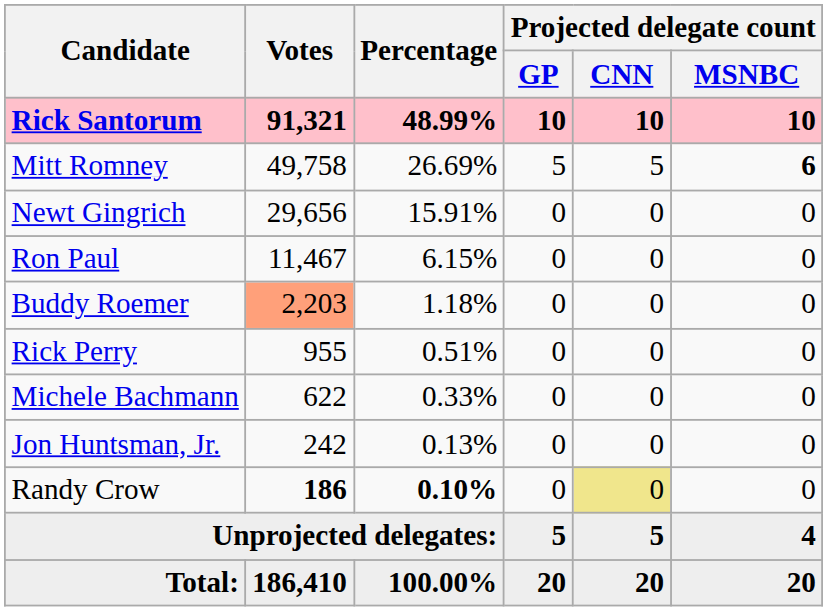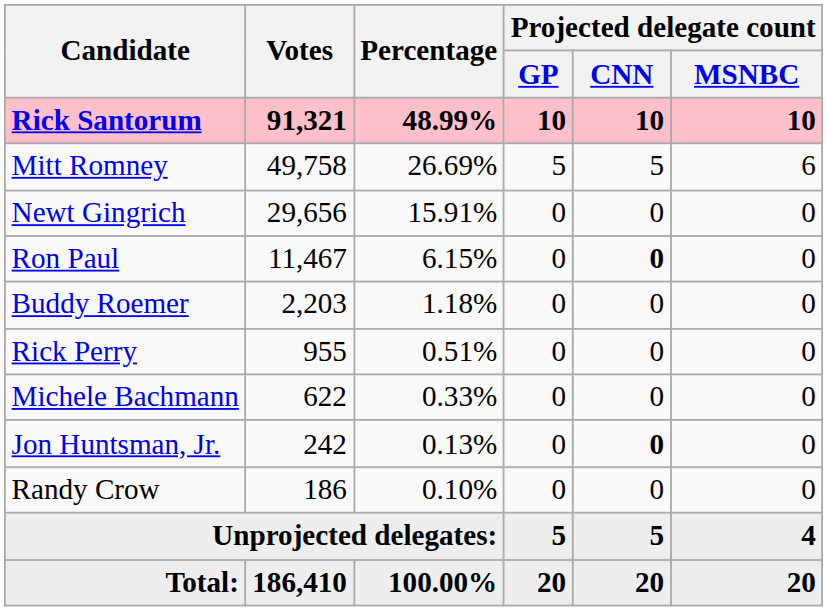 <table class="wikitable" style="text-align:right;">
 <tr>
 <th rowspan="2">Candidate</th>
 <th rowspan="2">Votes</th>
 <th rowspan="2">Percentage</th>
 <th colspan="4">Projected delegate count</th>
 </tr>
 <tr>
 <th><a href='#'>GP</a><br></th>
 <th><a href='#'>CNN</a><br></th>
 <th><a href='#'>MSNBC</a><br></th>
 </tr>
 <tr bgcolor="pink">
 <td align="left"> <strong><a href='#'>Rick Santorum</a></strong></td>
 <td><strong>91,321</strong></td>
 <td><strong>48.99%</strong></td>
 <td><strong>10</strong></td>
 <td><strong>10</strong></td>
 <td><strong>10</strong></td>
 </tr>
 <tr>
 <td align="left"><a href='#'>Mitt Romney</a></td>
 <td>49,758</td>
 <td>26.69%</td>
 <td>5</td>
 <td>5</td>
-<td><strong>6</strong></td>
+<td>6</td>
 </tr>
 <tr>
 <td align="left"><a href='#'>Newt Gingrich</a></td>
 <td>29,656</td>
 <td>15.91%</td>
 <td>0</td>
 <td>0</td>
 <td>0</td>
 </tr>
 <tr>
 <td align="left"><a href='#'>Ron Paul</a></td>
 <td>11,467</td>
 <td>6.15%</td>
 <td>0</td>
-<td>0</td>
+<td><strong>0</strong></td>
 <td>0</td>
 </tr>
 <tr>
 <td align="left"><a href='#'>Buddy Roemer</a></td>
-<td style="background: lightsalmon;">2,203</td>
+<td>2,203</td>
 <td>1.18%</td>
 <td>0</td>
 <td>0</td>
 <td>0</td>
 </tr>
 <tr>
 <td align="left"><a href='#'>Rick Perry</a></td>
 <td>955</td>
 <td>0.51%</td>
 <td>0</td>
 <td>0</td>
 <td>0</td>
 </tr>
 <tr>
 <td align="left"><a href='#'>Michele Bachmann</a></td>
 <td>622</td>
 <td>0.33%</td>
 <td>0</td>
 <td>0</td>
 <td>0</td>
 </tr>
 <tr>
 <td align="left"><a href='#'>Jon Huntsman, Jr.</a></td>
 <td>242</td>
 <td>0.13%</td>
 <td>0</td>
-<td>0</td>
+<td><strong>0</strong></td>
 <td>0</td>
 </tr>
 <tr>
 <td align="left">Randy Crow</td>
-<td><strong>186</strong></td>
-<td><strong>0.10%</strong></td>
+<td>186</td>
+<td>0.10%</td>
 <td>0</td>
-<td style="background: khaki;">0</td>
+<td>0</td>
 <td>0</td>
 </tr>
 <tr bgcolor="#eeeeee">
 <td colspan="3"><strong>Unprojected delegates:</strong></td>
 <td><strong>5</strong></td>
 <td><strong>5</strong></td>
 <td><strong>4</strong></td>
 </tr>
 <tr bgcolor="#eeeeee">
 <td><strong>Total:</strong></td>
 <td><strong>186,410</strong></td>
 <td><strong>100.00%</strong></td>
 <td><strong>20</strong></td>
 <td><strong>20</strong></td>
 <td><strong>20</strong></td>
 </tr>
 </table>
